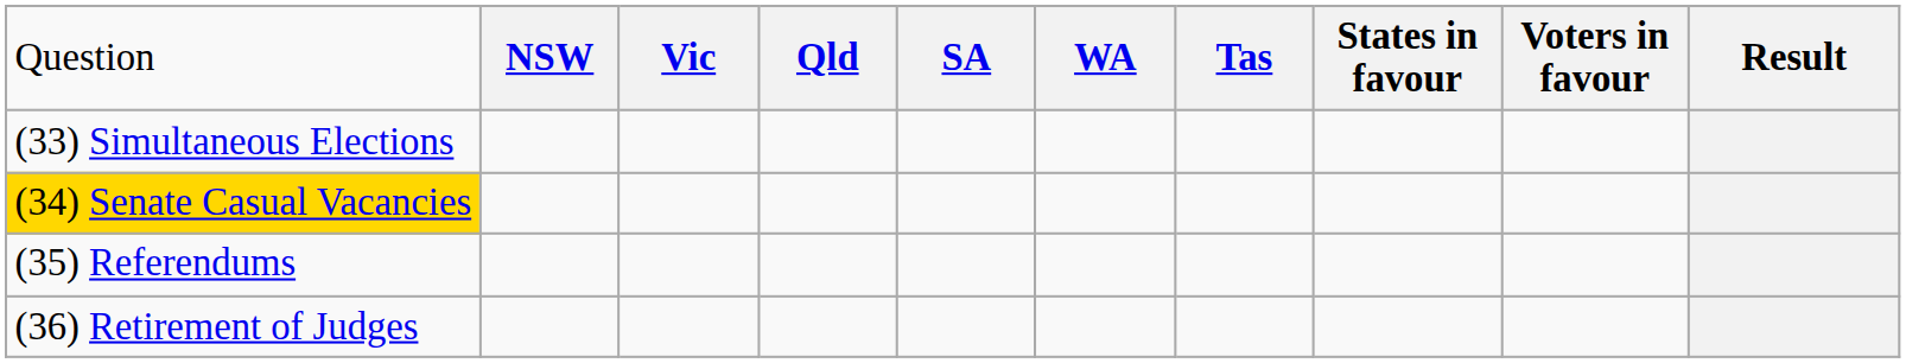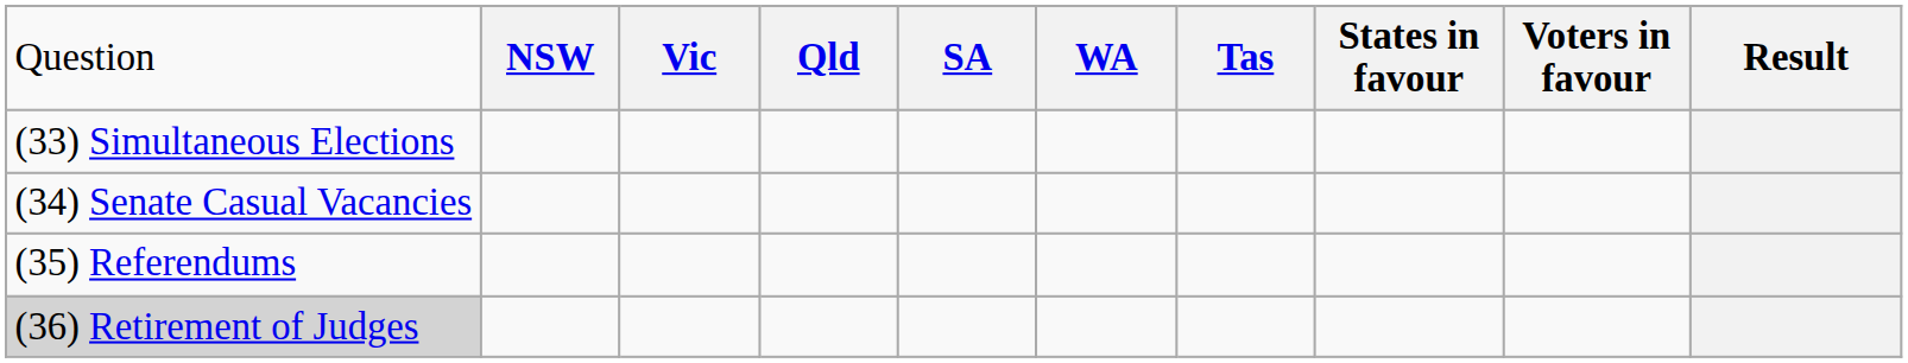 <table class="wikitable">
 <tr ---->
 <td>Question</td>
 <th style="width:50px"><a href='#'>NSW</a></th>
 <th style="width:50px"><a href='#'>Vic</a></th>
 <th style="width:50px"><a href='#'>Qld</a></th>
 <th style="width:50px"><a href='#'>SA</a></th>
 <th style="width:50px"><a href='#'>WA</a></th>
 <th style="width:50px"><a href='#'>Tas</a></th>
 <th style="width:70px" align=center>States in favour</th>
 <th style="width:70px" align=center>Voters in favour</th>
 <th style="width:80px">Result</th>
 </tr>
 <tr ---->
 <td>(33) <a href='#'>Simultaneous Elections</a></td>
 <td></td>
 <td></td>
 <td></td>
 <td></td>
 <td></td>
 <td></td>
 <td></td>
 <td></td>
 <th></th>
 </tr>
 <tr ---->
-<td style="background: gold;">(34) <a href='#'>Senate Casual Vacancies</a></td>
+<td>(34) <a href='#'>Senate Casual Vacancies</a></td>
 <td></td>
 <td></td>
 <td></td>
 <td></td>
 <td></td>
 <td></td>
 <td></td>
 <td></td>
 <th></th>
 </tr>
 <tr ---->
 <td>(35) <a href='#'>Referendums</a></td>
 <td></td>
 <td></td>
 <td></td>
 <td></td>
 <td></td>
 <td></td>
 <td></td>
 <td></td>
 <th></th>
 </tr>
 <tr ---->
-<td>(36) <a href='#'>Retirement of Judges</a></td>
+<td style="background: lightgrey;">(36) <a href='#'>Retirement of Judges</a></td>
 <td></td>
 <td></td>
 <td></td>
 <td></td>
 <td></td>
 <td></td>
 <td></td>
 <td></td>
 <th></th>
 </tr>
 </table>
